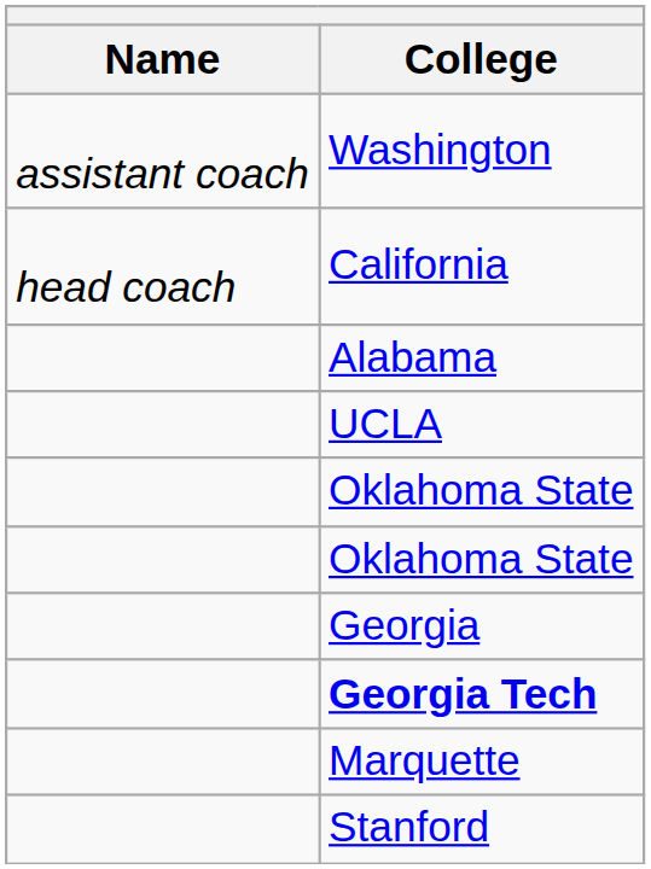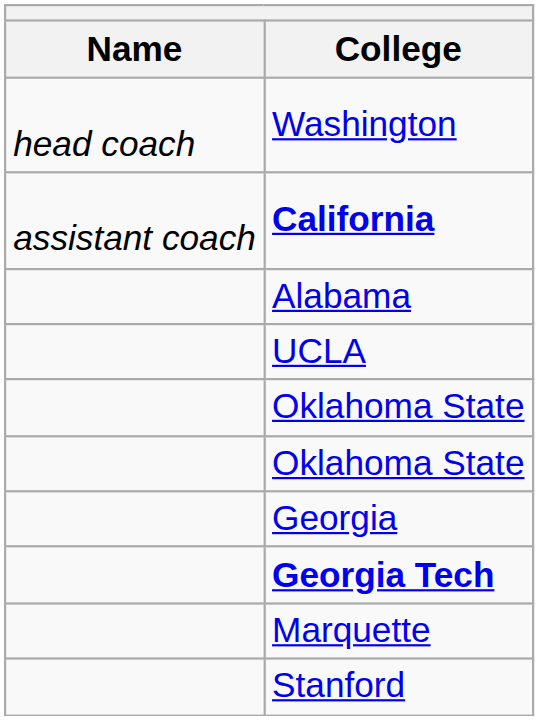 <table class="wikitable sortable">
 <tr>
 <th colspan=2></th>
 </tr>
 <tr>
 <th>Name</th>
 <th>College</th>
 </tr>
 <tr>
-<td><br><em>assistant coach</em></td>
+<td><br><em>head coach</em></td>
 <td><a href='#'>Washington</a></td>
 </tr>
 <tr>
-<td><br><em>head coach</em></td>
-<td><a href='#'>California</a></td>
+<td><br><em>assistant coach</em></td>
+<td><strong><a href='#'>California</a></strong></td>
 </tr>
 <tr>
 <td></td>
 <td><a href='#'>Alabama</a></td>
 </tr>
 <tr>
 <td></td>
 <td><a href='#'>UCLA</a></td>
 </tr>
 <tr>
 <td></td>
 <td><a href='#'>Oklahoma State</a></td>
 </tr>
 <tr>
 <td></td>
 <td><a href='#'>Oklahoma State</a></td>
 </tr>
 <tr>
 <td></td>
 <td><a href='#'>Georgia</a></td>
 </tr>
 <tr>
 <td></td>
 <td><strong><a href='#'>Georgia Tech</a></strong></td>
 </tr>
 <tr>
 <td></td>
 <td><a href='#'>Marquette</a></td>
 </tr>
 <tr>
 <td></td>
 <td><a href='#'>Stanford</a></td>
 </tr>
 </table>
